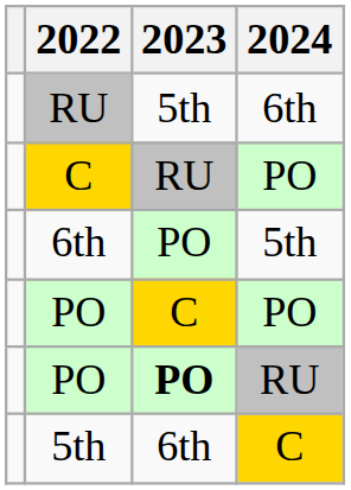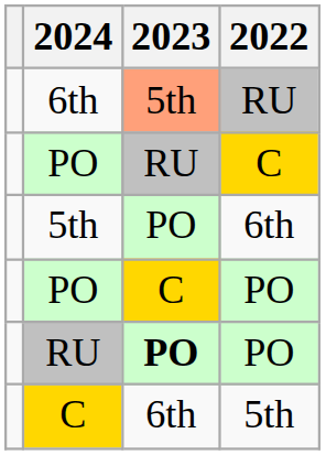 <table class="wikitable" style="text-align:center;">
 <tr>
 <th></th>
+<th>2024</th>
+<th>2023</th>
 <th>2022</th>
-<th>2023</th>
-<th>2024</th>
-</tr>
-<tr>
-<td></td>
-<td style="background:silver">RU</td>
-<td>5th</td>
-<td>6th</td>
-</tr>
-<tr>
-<td></td>
-<td style="background:gold">C</td>
-<td style="background:silver">RU</td>
-<td style="background:#cfc">PO</td>
 </tr>
 <tr>
 <td></td>
 <td>6th</td>
+<td style="background: lightsalmon;">5th</td>
+<td style="background:silver">RU</td>
+</tr>
+<tr>
+<td></td>
 <td style="background:#cfc">PO</td>
+<td style="background:silver">RU</td>
+<td style="background:gold">C</td>
+</tr>
+<tr>
+<td></td>
 <td>5th</td>
+<td style="background:#cfc">PO</td>
+<td>6th</td>
 </tr>
 <tr>
 <td></td>
 <td style="background:#cfc">PO</td>
 <td style="background:gold">C</td>
 <td style="background:#cfc">PO</td>
 </tr>
 <tr>
 <td></td>
+<td style="background:silver">RU</td>
+<td style="background:#cfc"><strong>PO</strong></td>
 <td style="background:#cfc">PO</td>
-<td style="background:#cfc"><strong>PO</strong></td>
-<td style="background:silver">RU</td>
 </tr>
 <tr>
 <td></td>
+<td style="background:gold">C</td>
+<td>6th</td>
 <td>5th</td>
-<td>6th</td>
-<td style="background:gold">C</td>
 </tr>
 </table>
